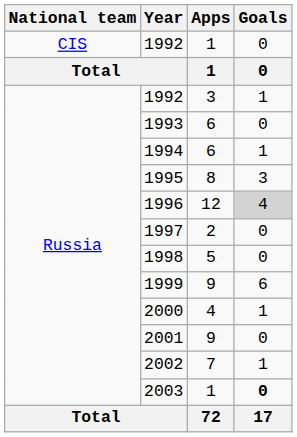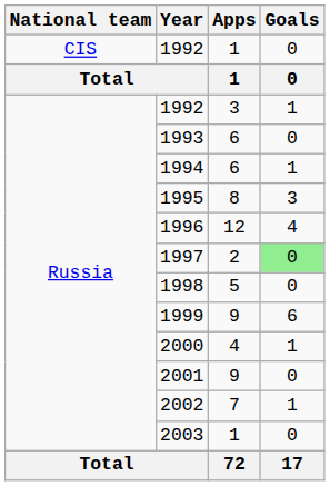 <table class="wikitable" style="text-align:center">
 <tr>
 <th>National team</th>
 <th>Year</th>
 <th>Apps</th>
 <th>Goals</th>
 </tr>
 <tr>
 <td><a href='#'>CIS</a></td>
 <td>1992</td>
 <td>1</td>
 <td>0</td>
 </tr>
 <tr>
 <th colspan="2">Total</th>
 <th>1</th>
 <th>0</th>
 </tr>
 <tr>
 <td rowspan="12"><a href='#'>Russia</a></td>
 <td>1992</td>
 <td>3</td>
 <td>1</td>
 </tr>
 <tr>
 <td>1993</td>
 <td>6</td>
 <td>0</td>
 </tr>
 <tr>
 <td>1994</td>
 <td>6</td>
 <td>1</td>
 </tr>
 <tr>
 <td>1995</td>
 <td>8</td>
 <td>3</td>
 </tr>
 <tr>
 <td>1996</td>
 <td>12</td>
-<td style="background: lightgrey;">4</td>
+<td>4</td>
 </tr>
 <tr>
 <td>1997</td>
 <td>2</td>
-<td>0</td>
+<td style="background: lightgreen;">0</td>
 </tr>
 <tr>
 <td>1998</td>
 <td>5</td>
 <td>0</td>
 </tr>
 <tr>
 <td>1999</td>
 <td>9</td>
 <td>6</td>
 </tr>
 <tr>
 <td>2000</td>
 <td>4</td>
 <td>1</td>
 </tr>
 <tr>
 <td>2001</td>
 <td>9</td>
 <td>0</td>
 </tr>
 <tr>
 <td>2002</td>
 <td>7</td>
 <td>1</td>
 </tr>
 <tr>
 <td>2003</td>
 <td>1</td>
-<td><strong>0</strong></td>
+<td>0</td>
 </tr>
 <tr>
 <th colspan="2">Total</th>
 <th>72</th>
 <th>17</th>
 </tr>
 </table>
